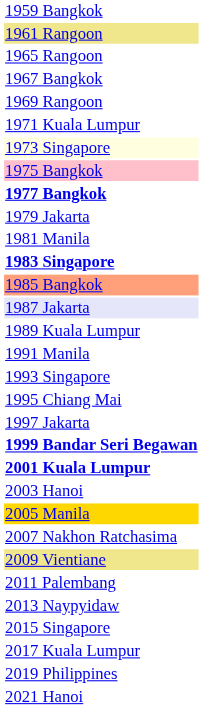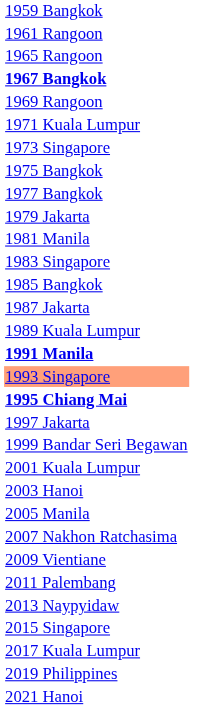 <table>
 <tr>
 <td><a href='#'>1959 Bangkok</a></td>
 <td></td>
 <td></td>
 <td></td>
 </tr>
 <tr>
-<td style="background: khaki;"><a href='#'>1961 Rangoon</a></td>
+<td><a href='#'>1961 Rangoon</a></td>
 <td></td>
 <td></td>
 <td></td>
 </tr>
 <tr>
 <td><a href='#'>1965 Rangoon</a></td>
 <td></td>
 <td></td>
 <td></td>
 </tr>
 <tr>
-<td><a href='#'>1967 Bangkok</a></td>
+<td><strong><a href='#'>1967 Bangkok</a></strong></td>
 <td></td>
 <td></td>
 <td></td>
 </tr>
 <tr>
 <td><a href='#'>1969 Rangoon</a></td>
 <td></td>
 <td></td>
 <td></td>
 </tr>
 <tr>
 <td><a href='#'>1971 Kuala Lumpur</a></td>
 <td></td>
 <td></td>
 <td></td>
 </tr>
 <tr>
-<td style="background: lightyellow;"><a href='#'>1973 Singapore</a></td>
+<td><a href='#'>1973 Singapore</a></td>
 <td></td>
 <td></td>
 <td></td>
 </tr>
 <tr>
-<td style="background: pink;"><a href='#'>1975 Bangkok</a></td>
+<td><a href='#'>1975 Bangkok</a></td>
 <td></td>
 <td></td>
 <td></td>
 </tr>
 <tr>
-<td><strong><a href='#'>1977 Bangkok</a></strong></td>
+<td><a href='#'>1977 Bangkok</a></td>
 <td></td>
 <td></td>
 <td></td>
 </tr>
 <tr>
 <td><a href='#'>1979 Jakarta</a></td>
 <td></td>
 <td></td>
 <td></td>
 </tr>
 <tr>
 <td><a href='#'>1981 Manila</a></td>
 <td></td>
 <td></td>
 <td></td>
 </tr>
 <tr>
-<td><strong><a href='#'>1983 Singapore</a></strong></td>
+<td><a href='#'>1983 Singapore</a></td>
 <td></td>
 <td></td>
 <td></td>
 </tr>
 <tr>
-<td style="background: lightsalmon;"><a href='#'>1985 Bangkok</a></td>
+<td><a href='#'>1985 Bangkok</a></td>
 <td></td>
 <td></td>
 <td></td>
 </tr>
 <tr>
-<td style="background: lavender;"><a href='#'>1987 Jakarta</a></td>
+<td><a href='#'>1987 Jakarta</a></td>
 <td></td>
 <td></td>
 <td></td>
 </tr>
 <tr>
 <td><a href='#'>1989 Kuala Lumpur</a></td>
 <td></td>
 <td></td>
 <td></td>
 </tr>
 <tr>
-<td><a href='#'>1991 Manila</a></td>
+<td><strong><a href='#'>1991 Manila</a></strong></td>
 <td></td>
 <td></td>
 <td></td>
 </tr>
 <tr>
-<td><a href='#'>1993 Singapore</a></td>
+<td style="background: lightsalmon;"><a href='#'>1993 Singapore</a></td>
 <td></td>
 <td></td>
 <td></td>
 </tr>
 <tr>
-<td><a href='#'>1995 Chiang Mai</a></td>
+<td><strong><a href='#'>1995 Chiang Mai</a></strong></td>
 <td></td>
 <td></td>
 <td></td>
 </tr>
 <tr>
 <td><a href='#'>1997 Jakarta</a></td>
 <td></td>
 <td></td>
 <td></td>
 </tr>
 <tr>
-<td><strong><a href='#'>1999 Bandar Seri Begawan</a></strong></td>
+<td><a href='#'>1999 Bandar Seri Begawan</a></td>
 <td></td>
 <td></td>
 <td></td>
 </tr>
 <tr>
-<td><strong><a href='#'>2001 Kuala Lumpur</a></strong></td>
+<td><a href='#'>2001 Kuala Lumpur</a></td>
 <td></td>
 <td></td>
 <td></td>
 </tr>
 <tr>
 <td><a href='#'>2003 Hanoi</a></td>
 <td></td>
 <td></td>
 <td></td>
 </tr>
 <tr>
-<td style="background: gold;"><a href='#'>2005 Manila</a></td>
+<td><a href='#'>2005 Manila</a></td>
 <td></td>
 <td></td>
 <td></td>
 </tr>
 <tr>
 <td><a href='#'>2007 Nakhon Ratchasima</a></td>
 <td></td>
 <td></td>
 <td></td>
 </tr>
 <tr>
-<td style="background: khaki;"><a href='#'>2009 Vientiane</a></td>
+<td><a href='#'>2009 Vientiane</a></td>
 <td></td>
 <td></td>
 <td></td>
 </tr>
 <tr>
 <td><a href='#'>2011 Palembang</a></td>
 <td></td>
 <td></td>
 <td></td>
 </tr>
 <tr>
 <td><a href='#'>2013 Naypyidaw</a></td>
 <td></td>
 <td></td>
 <td></td>
 </tr>
 <tr>
 <td><a href='#'>2015 Singapore</a></td>
 <td></td>
 <td></td>
 <td></td>
 </tr>
 <tr>
 <td><a href='#'>2017 Kuala Lumpur</a></td>
 <td></td>
 <td></td>
 <td></td>
 </tr>
 <tr>
 <td><a href='#'>2019 Philippines</a></td>
 <td></td>
 <td></td>
 <td></td>
 </tr>
 <tr>
 <td><a href='#'>2021 Hanoi</a></td>
 <td></td>
 <td></td>
 <td></td>
 </tr>
 <tr>
 </tr>
 </table>
